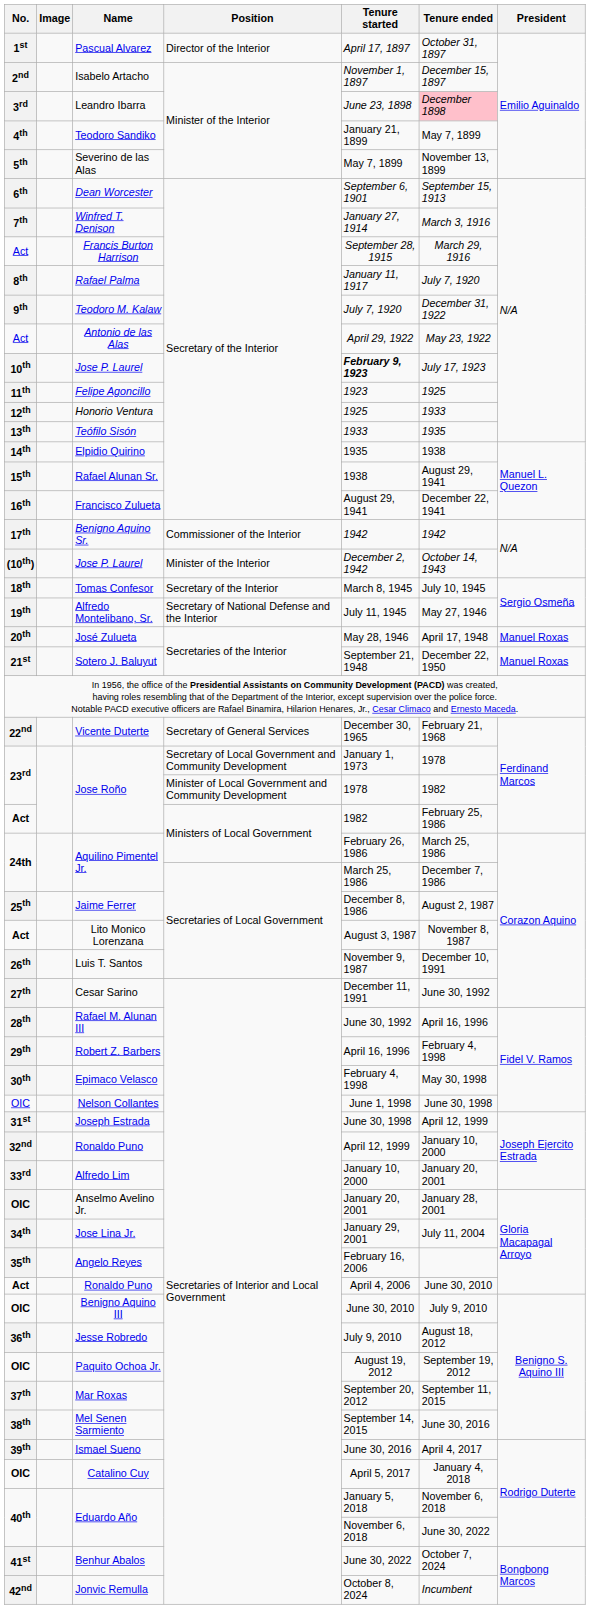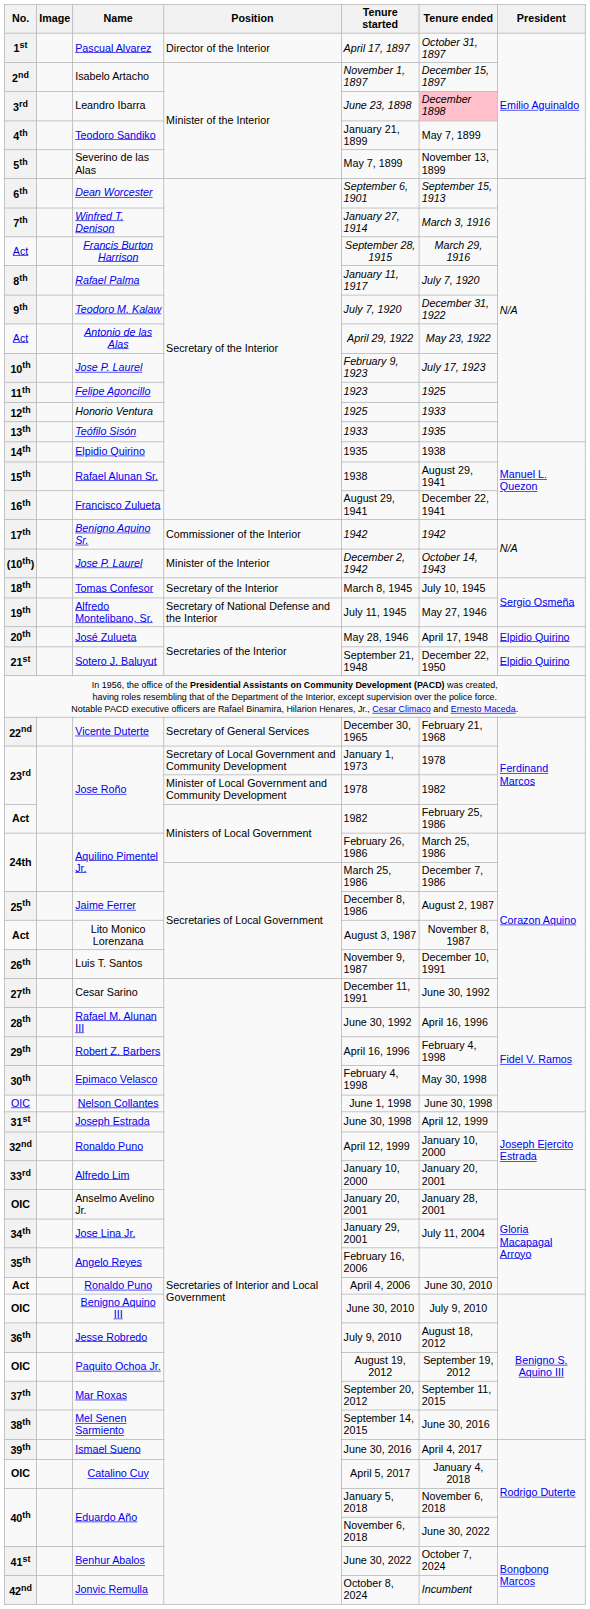 <table class="wikitable sortable">
 <tr>
 <th scope="col">No.</th>
 <th scope="col" class="unsortable">Image</th>
 <th scope="col" class="unsortable">Name</th>
 <th scope="col" class="unsortable">Position</th>
 <th scope="col" class="unsortable">Tenure started</th>
 <th scope="col" class="unsortable">Tenure ended</th>
 <th scope="col" class="unsortable">President</th>
 </tr>
 <tr>
 <th scope="row" style="text-align:center;">1<sup>st</sup></th>
 <td></td>
 <td><a href='#'>Pascual Alvarez</a></td>
 <td>Director of the Interior</td>
 <td><em>April 17, 1897</em></td>
 <td><em>October 31, 1897</em></td>
 <td rowspan="5"><a href='#'>Emilio Aguinaldo</a></td>
 </tr>
 <tr>
 <th scope="row" style="text-align:center;">2<sup>nd</sup></th>
 <td></td>
 <td>Isabelo Artacho</td>
 <td rowspan="4">Minister of the Interior</td>
 <td><em>November 1, 1897</em></td>
 <td><em>December 15, 1897</em></td>
 </tr>
 <tr>
 <th scope="row" style="text-align:center;">3<sup>rd</sup></th>
 <td></td>
 <td>Leandro Ibarra</td>
 <td><em>June 23, 1898</em></td>
 <td style="background: pink;"><em>December 1898</em></td>
 </tr>
 <tr>
 <th scope="row" style="text-align:center;">4<sup>th</sup></th>
 <td></td>
 <td><a href='#'>Teodoro Sandiko</a></td>
 <td>January 21, 1899</td>
 <td>May 7, 1899</td>
 </tr>
 <tr>
 <th scope="row" style="text-align:center;">5<sup>th</sup></th>
 <td></td>
 <td>Severino de las Alas</td>
 <td>May 7, 1899</td>
 <td>November 13, 1899</td>
 </tr>
 <tr>
 <th scope="row" style="text-align:center;">6<sup>th</sup></th>
 <td></td>
 <td><em><a href='#'>Dean Worcester</a></em></td>
 <td rowspan="13">Secretary of the Interior</td>
 <td><em>September 6, 1901</em></td>
 <td><em>September 15, 1913</em></td>
 <td rowspan="10"><em>N/A</em></td>
 </tr>
 <tr>
 <th scope="row" style="text-align:center;">7<sup>th</sup></th>
 <td></td>
 <td><em><a href='#'>Winfred T. Denison</a></em></td>
 <td><em>January 27, 1914</em></td>
 <td><em>March 3, 1916</em></td>
 </tr>
 <tr !scope="row" style="text-align:center;">
 <td><a href='#'>Act</a></td>
 <td></td>
 <td><em><a href='#'>Francis Burton Harrison</a></em></td>
 <td><em>September 28, 1915</em></td>
 <td><em>March 29, 1916</em></td>
 </tr>
 <tr>
 <th scope="row" style="text-align:center;">8<sup>th</sup></th>
 <td></td>
 <td><em><a href='#'>Rafael Palma</a></em></td>
 <td><em>January 11, 1917</em></td>
 <td><em>July 7, 1920</em></td>
 </tr>
 <tr>
 <th scope="row" style="text-align:center;">9<sup>th</sup></th>
 <td></td>
 <td><em><a href='#'>Teodoro M. Kalaw</a></em></td>
 <td><em>July 7, 1920</em></td>
 <td><em>December 31, 1922</em></td>
 </tr>
 <tr !scope="row" style="text-align:center;">
 <td><a href='#'>Act</a></td>
 <td></td>
 <td><em><a href='#'>Antonio de las Alas</a></em></td>
 <td><em>April 29, 1922</em></td>
 <td><em>May 23, 1922</em></td>
 </tr>
 <tr>
 <th scope="row" style="text-align:center;">10<sup>th</sup></th>
 <td></td>
 <td><em><a href='#'>Jose P. Laurel</a></em></td>
-<td><strong><em>February 9, 1923</em></strong></td>
+<td><em>February 9, 1923</em></td>
 <td><em>July 17, 1923</em></td>
 </tr>
 <tr>
 <th scope="row" style="text-align:center;">11<sup>th</sup></th>
 <td></td>
 <td><em><a href='#'>Felipe Agoncillo</a></em></td>
 <td><em>1923</em></td>
 <td><em>1925</em></td>
 </tr>
 <tr>
 <th scope="row" style="text-align:center;">12<sup>th</sup></th>
 <td></td>
 <td><em>Honorio Ventura</em></td>
 <td><em>1925</em></td>
 <td><em>1933</em></td>
 </tr>
 <tr>
 <th scope="row" style="text-align:center;">13<sup>th</sup></th>
 <td></td>
 <td><em><a href='#'>Teófilo Sisón</a></em></td>
 <td><em>1933</em></td>
 <td><em>1935</em></td>
 </tr>
 <tr>
 <th scope="row" style="text-align:center;">14<sup>th</sup></th>
 <td></td>
 <td><a href='#'>Elpidio Quirino</a></td>
 <td>1935</td>
 <td>1938</td>
 <td rowspan=3><a href='#'>Manuel L. Quezon</a></td>
 </tr>
 <tr>
 <th scope="row" style="text-align:center;">15<sup>th</sup></th>
 <td></td>
 <td><a href='#'>Rafael Alunan Sr.</a></td>
 <td>1938</td>
 <td>August 29, 1941</td>
 </tr>
 <tr>
 <th scope="row" style="text-align:center;">16<sup>th</sup></th>
 <td></td>
 <td><a href='#'>Francisco Zulueta</a></td>
 <td>August 29, 1941</td>
 <td>December 22, 1941</td>
 </tr>
 <tr>
 <th scope="row" style="text-align:center;">17<sup>th</sup></th>
 <td></td>
 <td><em><a href='#'>Benigno Aquino Sr.</a></em></td>
 <td>Commissioner of the Interior</td>
 <td><em>1942</em></td>
 <td><em>1942</em></td>
 <td rowspan="2"><em>N/A</em></td>
 </tr>
 <tr>
 <th scope="row" style="text-align:center;">(10<sup>th</sup>)</th>
 <td></td>
 <td><em><a href='#'>Jose P. Laurel</a></em></td>
 <td>Minister of the Interior</td>
 <td><em>December 2, 1942</em></td>
 <td><em>October 14, 1943</em></td>
 </tr>
 <tr>
 <th scope="row" style="text-align:center;">18<sup>th</sup></th>
 <td></td>
 <td><a href='#'>Tomas Confesor</a></td>
 <td>Secretary of the Interior</td>
 <td>March 8, 1945</td>
 <td>July 10, 1945</td>
 <td rowspan="2"><a href='#'>Sergio Osmeña</a></td>
 </tr>
 <tr>
 <th scope="row" style="text-align:center;">19<sup>th</sup></th>
 <td></td>
 <td><a href='#'>Alfredo Montelibano, Sr.</a></td>
 <td>Secretary of National Defense and the Interior</td>
 <td>July 11, 1945</td>
 <td>May 27, 1946</td>
 </tr>
 <tr>
 <th scope="row" style="text-align:center;">20<sup>th</sup></th>
 <td></td>
 <td><a href='#'>José Zulueta</a></td>
 <td rowspan="2">Secretaries of the Interior</td>
 <td>May 28, 1946</td>
 <td>April 17, 1948</td>
-<td><a href='#'>Manuel Roxas</a></td>
+<td><a href='#'>Elpidio Quirino</a></td>
 </tr>
 <tr>
 <th scope="row" style="text-align:center;">21<sup>st</sup></th>
 <td></td>
 <td><a href='#'>Sotero J. Baluyut</a></td>
 <td>September 21, 1948</td>
 <td>December 22, 1950</td>
-<td><a href='#'>Manuel Roxas</a></td>
+<td><a href='#'>Elpidio Quirino</a></td>
 </tr>
 <tr>
 <td colspan="7" align="center"><small>In 1956, the office of the <strong>Presidential Assistants on Community Development (PACD)</strong> was created,<br>having roles resembling that of the Department of the Interior, except supervision over the police force.<br>Notable PACD executive officers are Rafael Binamira, Hilarion Henares, Jr., <a href='#'>Cesar Climaco</a> and <a href='#'>Ernesto Maceda</a>.</small></td>
 </tr>
 <tr>
 <th scope="row" style="text-align:center;">22<sup>nd</sup></th>
 <td></td>
 <td><a href='#'>Vicente Duterte</a></td>
 <td>Secretary of General Services</td>
 <td>December 30, 1965</td>
 <td>February 21, 1968</td>
 <td rowspan="4"><a href='#'>Ferdinand Marcos</a></td>
 </tr>
 <tr>
 <td rowspan="2" style="text-align:center;"><b>23<sup>rd</sup></b></td>
 <td rowspan="3"></td>
 <td rowspan="3"><a href='#'>Jose Roño</a></td>
 <td>Secretary of Local Government and Community Development</td>
 <td>January 1, 1973</td>
 <td>1978</td>
 </tr>
 <tr>
 <td>Minister of Local Government and Community Development</td>
 <td>1978</td>
 <td>1982</td>
 </tr>
 <tr>
 <td !scope="row" style="text-align:center;"><b>Act</b></td>
 <td rowspan="2">Ministers of Local Government</td>
 <td>1982</td>
 <td>February 25, 1986</td>
 </tr>
 <tr>
 <td rowspan="2" style="text-align:center;"><b>24<span>th</span></b></td>
 <td rowspan="2"></td>
 <td rowspan="2"><a href='#'>Aquilino Pimentel Jr.</a></td>
 <td>February 26, 1986</td>
 <td>March 25, 1986</td>
 <td rowspan="6"><a href='#'>Corazon Aquino</a></td>
 </tr>
 <tr>
 <td rowspan="4">Secretaries of Local Government</td>
 <td>March 25, 1986</td>
 <td>December 7, 1986</td>
 </tr>
 <tr>
 <th scope="row" style="text-align:center;">25<sup>th</sup></th>
 <td></td>
 <td><a href='#'>Jaime Ferrer</a></td>
 <td>December 8, 1986</td>
 <td>August 2, 1987</td>
 </tr>
 <tr !scope="row" style="text-align:center;">
 <td><b>Act</b></td>
 <td></td>
 <td>Lito Monico Lorenzana</td>
 <td>August 3, 1987</td>
 <td>November 8, 1987</td>
 </tr>
 <tr>
 <th scope="row" style="text-align:center;">26<sup>th</sup></th>
 <td></td>
 <td>Luis T. Santos</td>
 <td>November 9, 1987</td>
 <td>December 10, 1991</td>
 </tr>
 <tr>
 <th scope="row" style="text-align:center;">27<sup>th</sup></th>
 <td></td>
 <td>Cesar Sarino</td>
 <td rowspan="23">Secretaries of Interior and Local Government</td>
 <td>December 11, 1991</td>
 <td>June 30, 1992</td>
 </tr>
 <tr>
 <th scope="row" style="text-align:center;">28<sup>th</sup></th>
 <td></td>
 <td><a href='#'>Rafael M. Alunan III</a></td>
 <td>June 30, 1992</td>
 <td>April 16, 1996</td>
 <td rowspan=4><a href='#'>Fidel V. Ramos</a></td>
 </tr>
 <tr>
 <th scope="row" style="text-align:center;">29<sup>th</sup></th>
 <td></td>
 <td><a href='#'>Robert Z. Barbers</a></td>
 <td>April 16, 1996</td>
 <td>February 4, 1998</td>
 </tr>
 <tr>
 <th scope="row" style="text-align:center;">30<sup>th</sup></th>
 <td></td>
 <td><a href='#'>Epimaco Velasco</a></td>
 <td>February 4, 1998</td>
 <td>May 30, 1998</td>
 </tr>
 <tr !scope="row" style="text-align:center;">
 <td><a href='#'>OIC</a></td>
 <td></td>
 <td><a href='#'>Nelson Collantes</a></td>
 <td>June 1, 1998</td>
 <td>June 30, 1998</td>
 </tr>
 <tr>
 <th scope="row" style="text-align:center;">31<sup>st</sup></th>
 <td></td>
 <td><a href='#'>Joseph Estrada</a></td>
 <td>June 30, 1998</td>
 <td>April 12, 1999</td>
 <td rowspan=3><a href='#'>Joseph Ejercito Estrada</a></td>
 </tr>
 <tr>
 <th scope="row" style="text-align:center;">32<sup>nd</sup></th>
 <td></td>
 <td><a href='#'>Ronaldo Puno</a></td>
 <td>April 12, 1999</td>
 <td>January 10, 2000</td>
 </tr>
 <tr>
 <th scope="row" style="text-align:center;">33<sup>rd</sup></th>
 <td></td>
 <td><a href='#'>Alfredo Lim</a></td>
 <td>January 10, 2000</td>
 <td>January 20, 2001</td>
 </tr>
 <tr>
 <th scope="row" style="text-align:center;">OIC</th>
 <td></td>
 <td>Anselmo Avelino Jr.</td>
 <td>January 20, 2001</td>
 <td>January 28, 2001</td>
 <td rowspan=4><a href='#'>Gloria Macapagal Arroyo</a></td>
 </tr>
 <tr>
 <th scope="row" style="text-align:center;">34<sup>th</sup></th>
 <td></td>
 <td><a href='#'>Jose Lina Jr.</a></td>
 <td>January 29, 2001</td>
 <td>July 11, 2004</td>
 </tr>
 <tr>
 <th scope="row" style="text-align:center;">35<sup>th</sup></th>
 <td></td>
 <td><a href='#'>Angelo Reyes</a></td>
 <td>February 16, 2006</td>
 </tr>
 <tr !scope="row" style="text-align:center;">
 <td><b>Act</b></td>
 <td></td>
 <td><a href='#'>Ronaldo Puno</a></td>
 <td>April 4, 2006</td>
 <td>June 30, 2010</td>
 </tr>
 <tr !scope="row" style="text-align:center;">
 <td><b>OIC</b></td>
 <td></td>
 <td><a href='#'>Benigno Aquino III</a></td>
 <td>June 30, 2010</td>
 <td>July 9, 2010</td>
 <td rowspan=5><a href='#'>Benigno S. Aquino III</a></td>
 </tr>
 <tr>
 <th scope="row" style="text-align:center;">36<sup>th</sup></th>
 <td></td>
 <td><a href='#'>Jesse Robredo</a></td>
 <td>July 9, 2010</td>
 <td>August 18, 2012</td>
 </tr>
 <tr !scope="row" style="text-align:center;">
 <td><b>OIC</b></td>
 <td></td>
 <td><a href='#'>Paquito Ochoa Jr.</a></td>
 <td>August 19, 2012</td>
 <td>September 19, 2012</td>
 </tr>
 <tr>
 <th scope="row" style="text-align:center;">37<sup>th</sup></th>
 <td></td>
 <td><a href='#'>Mar Roxas</a></td>
 <td>September 20, 2012</td>
 <td>September 11, 2015</td>
 </tr>
 <tr>
 <th scope="row" style="text-align:center;">38<sup>th</sup></th>
 <td></td>
 <td><a href='#'>Mel Senen Sarmiento</a></td>
 <td>September 14, 2015</td>
 <td>June 30, 2016</td>
 </tr>
 <tr>
 <th scope="row" style="text-align:center;">39<sup>th</sup></th>
 <td></td>
 <td><a href='#'>Ismael Sueno</a></td>
 <td>June 30, 2016</td>
 <td>April 4, 2017</td>
 <td rowspan="4"><a href='#'>Rodrigo Duterte</a></td>
 </tr>
 <tr !scope="row" style="text-align:center;">
 <td><b>OIC</b></td>
 <td></td>
 <td><a href='#'>Catalino Cuy</a></td>
 <td>April 5, 2017</td>
 <td>January 4, 2018</td>
 </tr>
 <tr>
 <td rowspan="2" style="text-align:center;"><b>40<sup>th</sup></b></td>
 <td rowspan="2"></td>
 <td rowspan="2"><a href='#'>Eduardo Año</a><br></td>
 <td>January 5, 2018</td>
 <td>November 6, 2018</td>
 </tr>
 <tr>
 <td>November 6, 2018</td>
 <td>June 30, 2022</td>
 </tr>
 <tr>
 <th scope="row" style="text- align:center;">41<sup>st</sup></th>
 <td></td>
 <td><a href='#'>Benhur Abalos</a></td>
 <td>June 30, 2022</td>
 <td>October 7, 2024</td>
 <td rowspan="2"><a href='#'>Bongbong Marcos</a></td>
 </tr>
 <tr>
 <th scope="row" style="text-align:center;">42<sup>nd</sup></th>
 <td></td>
 <td><a href='#'>Jonvic Remulla</a><br></td>
 <td>October 8, 2024</td>
 <td><em>Incumbent</em></td>
 </tr>
 </table>
